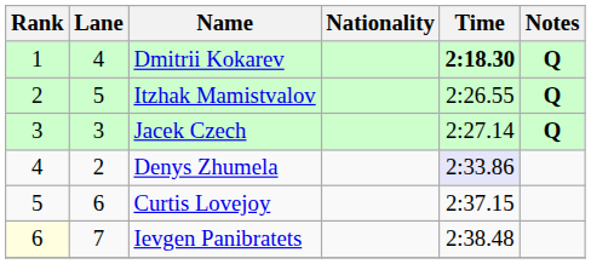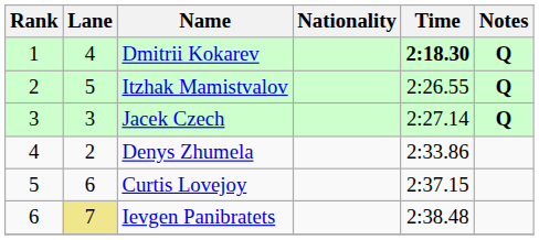 <table class="wikitable">
 <tr>
 <th>Rank</th>
 <th>Lane</th>
 <th>Name</th>
 <th>Nationality</th>
 <th>Time</th>
 <th>Notes</th>
 </tr>
 <tr bgcolor=ccffcc>
 <td align=center>1</td>
 <td align=center>4</td>
 <td><a href='#'>Dmitrii Kokarev</a></td>
 <td></td>
 <td align=center><strong>2:18.30</strong></td>
 <td align=center><strong>Q</strong></td>
 </tr>
 <tr bgcolor=ccffcc>
 <td align=center>2</td>
 <td align=center>5</td>
 <td><a href='#'>Itzhak Mamistvalov</a></td>
 <td></td>
 <td align=center>2:26.55</td>
 <td align=center><strong>Q</strong></td>
 </tr>
 <tr bgcolor=ccffcc>
 <td align=center>3</td>
 <td align=center>3</td>
 <td><a href='#'>Jacek Czech</a></td>
 <td></td>
 <td align=center>2:27.14</td>
 <td align=center><strong>Q</strong></td>
 </tr>
 <tr>
 <td align=center>4</td>
 <td align=center>2</td>
 <td><a href='#'>Denys Zhumela</a></td>
 <td></td>
-<td align=center style="background: lavender;">2:33.86</td>
+<td align=center>2:33.86</td>
 <td align=center></td>
 </tr>
 <tr>
 <td align=center>5</td>
 <td align=center>6</td>
 <td><a href='#'>Curtis Lovejoy</a></td>
 <td></td>
 <td align=center>2:37.15</td>
 <td align=center></td>
 </tr>
 <tr>
-<td align=center style="background: lightyellow;">6</td>
-<td align=center>7</td>
+<td align=center>6</td>
+<td align=center style="background: khaki;">7</td>
 <td><a href='#'>Ievgen Panibratets</a></td>
 <td></td>
 <td align=center>2:38.48</td>
 <td align=center></td>
 </tr>
 <tr>
 </tr>
 </table>
